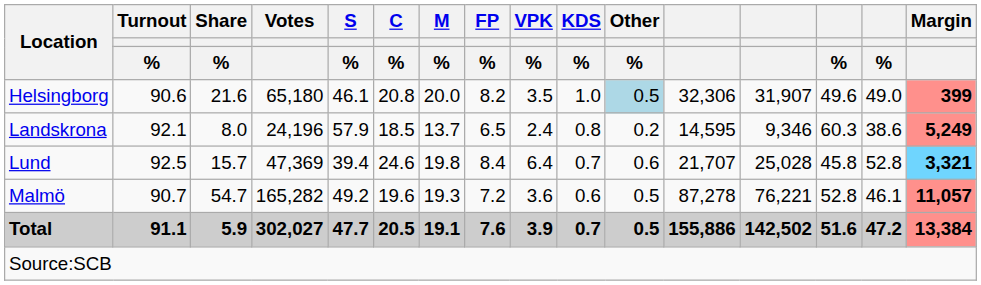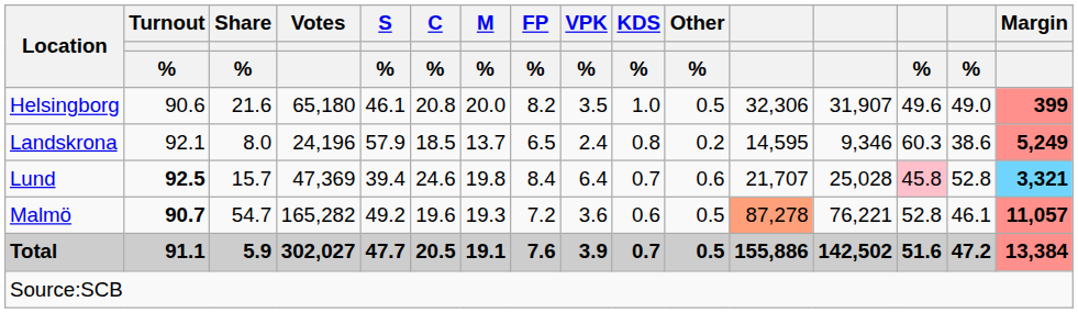 <table class="wikitable sortable" style="text-align:right; font-size:95%; line-height:20px;">
 <tr>
 <th rowspan="3">Location</th>
 <th>Turnout</th>
 <th>Share</th>
 <th>Votes</th>
 <th width="30px" class="unsortable"><a href='#'>S</a></th>
 <th width="30px" class="unsortable"><a href='#'>C</a></th>
 <th width="30px" class="unsortable"><a href='#'>M</a></th>
 <th width="30px" class="unsortable"><a href='#'>FP</a></th>
 <th width="30px" class="unsortable"><a href='#'>VPK</a></th>
 <th width="30px" class="unsortable"><a href='#'>KDS</a></th>
 <th width="30px" class="unsortable">Other</th>
 <th></th>
 <th></th>
 <th></th>
 <th></th>
 <th>Margin</th>
 </tr>
 <tr>
 <th></th>
 <th></th>
 <th></th>
 <th style="background:"></th>
 <th style="background:"></th>
 <th style="background:"></th>
 <th style="background:"></th>
 <th style="background:"></th>
 <th style="background:"></th>
 <th style="background:"></th>
 <th style="background:"></th>
 <th style="background:"></th>
 <th style="background:"></th>
 <th style="background:"></th>
 <th></th>
 </tr>
 <tr>
 <th data-sort-type="number">%</th>
 <th data-sort-type="number">%</th>
 <th></th>
 <th data-sort-type="number">%</th>
 <th data-sort-type="number">%</th>
 <th data-sort-type="number">%</th>
 <th data-sort-type="number">%</th>
 <th data-sort-type="number">%</th>
 <th data-sort-type="number">%</th>
 <th data-sort-type="number">%</th>
 <th data-sort-type="number"></th>
 <th data-sort-type="number"></th>
 <th data-sort-type="number">%</th>
 <th data-sort-type="number">%</th>
 <th data-sort-type="number"></th>
 </tr>
 <tr>
 <td align=left><a href='#'>Helsingborg</a></td>
 <td>90.6</td>
 <td>21.6</td>
 <td>65,180</td>
 <td>46.1</td>
 <td>20.8</td>
 <td>20.0</td>
 <td>8.2</td>
 <td>3.5</td>
 <td>1.0</td>
-<td style="background: lightblue;">0.5</td>
+<td>0.5</td>
 <td>32,306</td>
 <td>31,907</td>
 <td>49.6</td>
 <td>49.0</td>
 <td bgcolor=#ff908c><strong>399</strong></td>
 </tr>
 <tr>
 <td align=left><a href='#'>Landskrona</a></td>
 <td>92.1</td>
 <td>8.0</td>
 <td>24,196</td>
 <td>57.9</td>
 <td>18.5</td>
 <td>13.7</td>
 <td>6.5</td>
 <td>2.4</td>
 <td>0.8</td>
 <td>0.2</td>
 <td>14,595</td>
 <td>9,346</td>
 <td>60.3</td>
 <td>38.6</td>
 <td bgcolor=#ff908c><strong>5,249</strong></td>
 </tr>
 <tr>
 <td align=left><a href='#'>Lund</a></td>
-<td>92.5</td>
+<td><strong>92.5</strong></td>
 <td>15.7</td>
 <td>47,369</td>
 <td>39.4</td>
 <td>24.6</td>
 <td>19.8</td>
 <td>8.4</td>
 <td>6.4</td>
 <td>0.7</td>
 <td>0.6</td>
 <td>21,707</td>
 <td>25,028</td>
-<td>45.8</td>
+<td style="background: pink;">45.8</td>
 <td>52.8</td>
 <td bgcolor=#6fd5fe><strong>3,321</strong></td>
 </tr>
 <tr>
 <td align=left><a href='#'>Malmö</a></td>
-<td>90.7</td>
+<td><strong>90.7</strong></td>
 <td>54.7</td>
 <td>165,282</td>
 <td>49.2</td>
 <td>19.6</td>
 <td>19.3</td>
 <td>7.2</td>
 <td>3.6</td>
 <td>0.6</td>
 <td>0.5</td>
-<td>87,278</td>
+<td style="background: lightsalmon;">87,278</td>
 <td>76,221</td>
 <td>52.8</td>
 <td>46.1</td>
 <td bgcolor=#ff908c><strong>11,057</strong></td>
 </tr>
 <tr style="background:#CDCDCD;">
 <td align=left><strong>Total</strong></td>
 <td><strong>91.1</strong></td>
 <td><strong>5.9</strong></td>
 <td><strong>302,027</strong></td>
 <td><strong>47.7</strong></td>
 <td><strong>20.5</strong></td>
 <td><strong>19.1</strong></td>
 <td><strong>7.6</strong></td>
 <td><strong>3.9</strong></td>
 <td><strong>0.7</strong></td>
 <td><strong>0.5</strong></td>
 <td><strong>155,886</strong></td>
 <td><strong>142,502</strong></td>
 <td><strong>51.6</strong></td>
 <td><strong>47.2</strong></td>
 <td bgcolor=#ff908c><strong>13,384</strong></td>
 </tr>
 <tr>
 <td align=left colspan=16>Source:SCB </td>
 </tr>
 </table>
